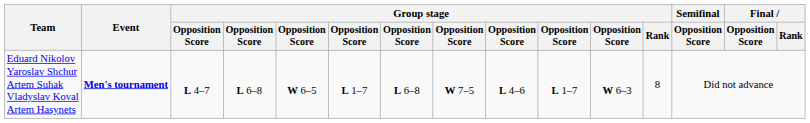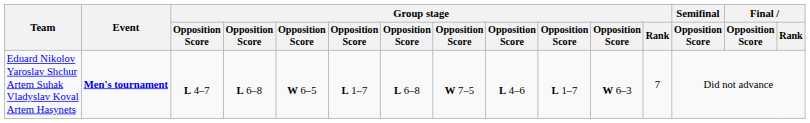 <table class=wikitable style=font-size:90%;text-align:center>
 <tr>
 <th rowspan=2>Team</th>
 <th rowspan=2>Event</th>
 <th colspan=10>Group stage</th>
 <th>Semifinal</th>
 <th colspan=2>Final / </th>
 </tr>
 <tr style="font-size:95%">
 <th>Opposition<br>Score</th>
 <th>Opposition<br>Score</th>
 <th>Opposition<br>Score</th>
 <th>Opposition<br>Score</th>
 <th>Opposition<br>Score</th>
 <th>Opposition<br>Score</th>
 <th>Opposition<br>Score</th>
 <th>Opposition<br>Score</th>
 <th>Opposition<br>Score</th>
 <th>Rank</th>
 <th>Opposition<br>Score</th>
 <th>Opposition<br>Score</th>
 <th>Rank</th>
 </tr>
 <tr>
 <td align=left><a href='#'>Eduard Nikolov</a><br><a href='#'>Yaroslav Shchur</a><br><a href='#'>Artem Suhak</a><br><a href='#'>Vladyslav Koval</a><br><a href='#'>Artem Hasynets</a></td>
 <td align=left><strong><a href='#'>Men's tournament</a></strong></td>
 <td><br><strong>L</strong> 4–7</td>
 <td><br><strong>L</strong> 6–8</td>
 <td><br><strong>W</strong> 6–5</td>
 <td><br><strong>L</strong> 1–7</td>
 <td><br><strong>L</strong> 6–8</td>
 <td><br><strong>W</strong> 7–5</td>
 <td><br><strong>L</strong> 4–6</td>
 <td><br><strong>L</strong> 1–7</td>
 <td><br><strong>W</strong> 6–3</td>
-<td>8</td>
+<td>7</td>
 <td colspan="3">Did not advance</td>
 </tr>
 </table>
